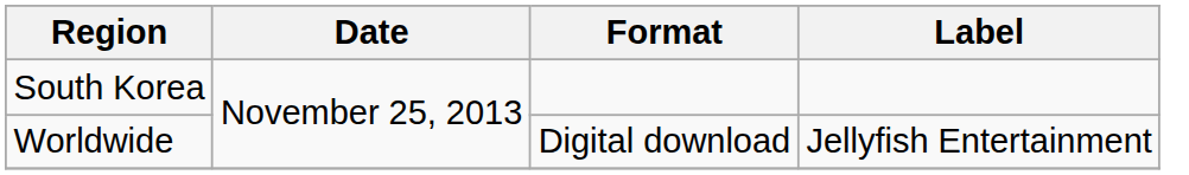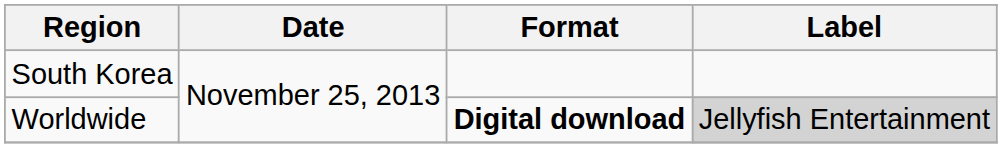 <table class = "wikitable">
 <tr>
 <th>Region</th>
 <th>Date</th>
 <th>Format</th>
 <th>Label</th>
 </tr>
 <tr>
 <td>South Korea</td>
 <td rowspan=2>November 25, 2013</td>
 <td></td>
 <td></td>
 </tr>
 <tr>
 <td>Worldwide</td>
-<td>Digital download</td>
-<td>Jellyfish Entertainment</td>
+<td><strong>Digital download</strong></td>
+<td style="background: lightgrey;">Jellyfish Entertainment</td>
 </tr>
 <tr>
 </tr>
 </table>
